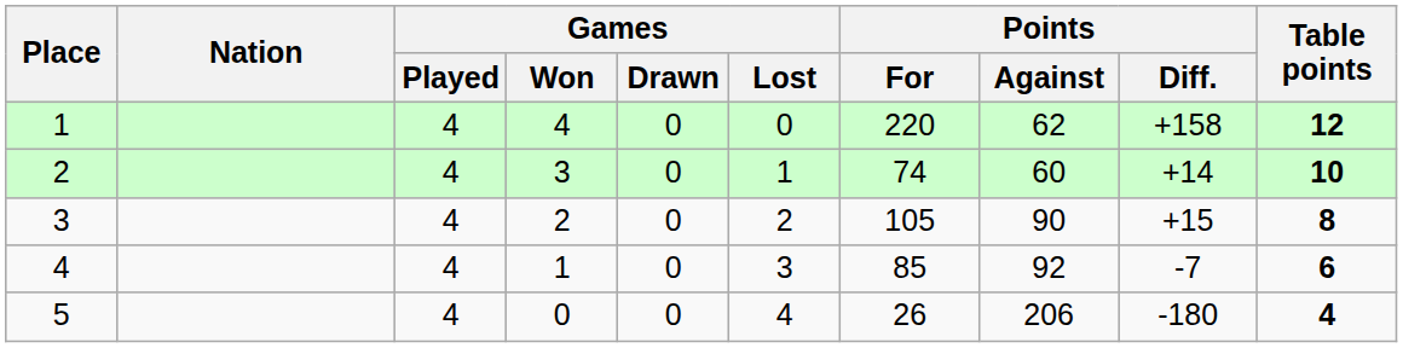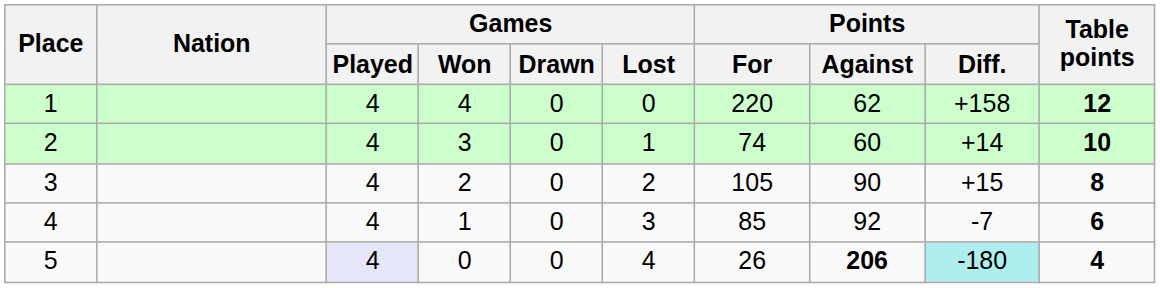 <table class="wikitable" style="text-align:center">
 <tr>
 <th rowspan="2" style="width:8%">Place</th>
 <th rowspan="2" style="width:20%">Nation</th>
 <th colspan="4" style="width:32%">Games</th>
 <th colspan="3" style="width:30%">Points</th>
 <th rowspan="2" style="width:10%">Table<br>points</th>
 </tr>
 <tr>
 <th style="width:8%">Played</th>
 <th style="width:8%">Won</th>
 <th style="width:8%">Drawn</th>
 <th style="width:8%">Lost</th>
 <th style="width:10%">For</th>
 <th style="width:10%">Against</th>
 <th style="width:10%">Diff.</th>
 </tr>
 <tr style="background:#cfc">
 <td>1</td>
 <td align=left><strong></strong></td>
 <td>4</td>
 <td>4</td>
 <td>0</td>
 <td>0</td>
 <td>220</td>
 <td>62</td>
 <td>+158</td>
 <td><strong>12</strong></td>
 </tr>
 <tr style="background:#cfc">
 <td>2</td>
 <td align=left></td>
 <td>4</td>
 <td>3</td>
 <td>0</td>
 <td>1</td>
 <td>74</td>
 <td>60</td>
 <td>+14</td>
 <td><strong>10</strong></td>
 </tr>
 <tr>
 <td>3</td>
 <td align=left></td>
 <td>4</td>
 <td>2</td>
 <td>0</td>
 <td>2</td>
 <td>105</td>
 <td>90</td>
 <td>+15</td>
 <td><strong>8</strong></td>
 </tr>
 <tr>
 <td>4</td>
 <td align=left></td>
 <td>4</td>
 <td>1</td>
 <td>0</td>
 <td>3</td>
 <td>85</td>
 <td>92</td>
 <td>-7</td>
 <td><strong>6</strong></td>
 </tr>
 <tr>
 <td>5</td>
 <td align=left><em></em></td>
-<td>4</td>
+<td style="background: lavender;">4</td>
 <td>0</td>
 <td>0</td>
 <td>4</td>
 <td>26</td>
-<td>206</td>
-<td>-180</td>
+<td><strong>206</strong></td>
+<td style="background: paleturquoise;">-180</td>
 <td><strong>4</strong></td>
 </tr>
 </table>
